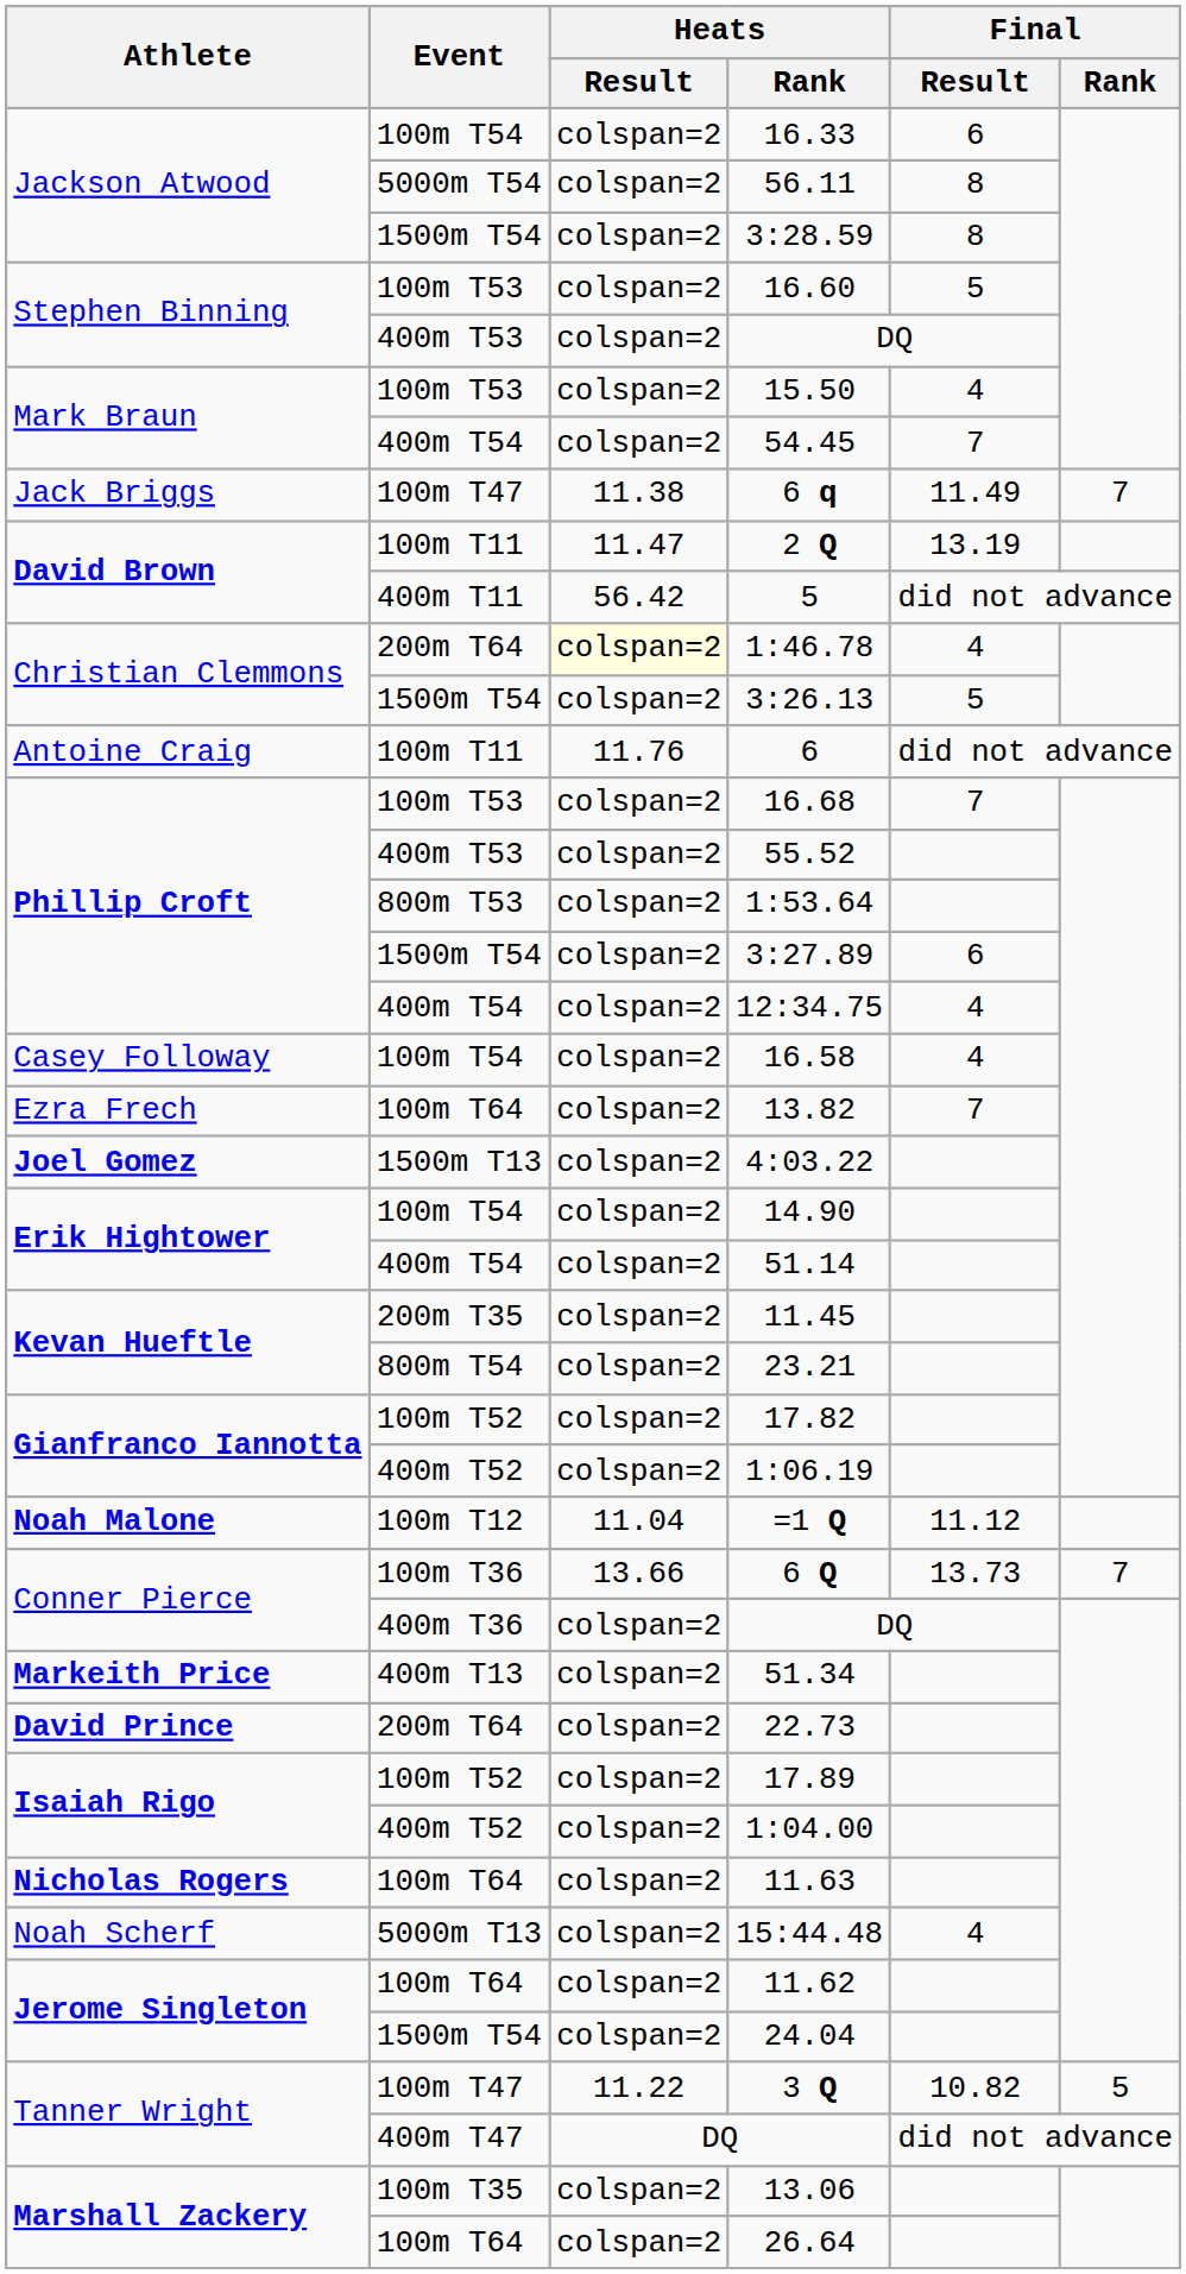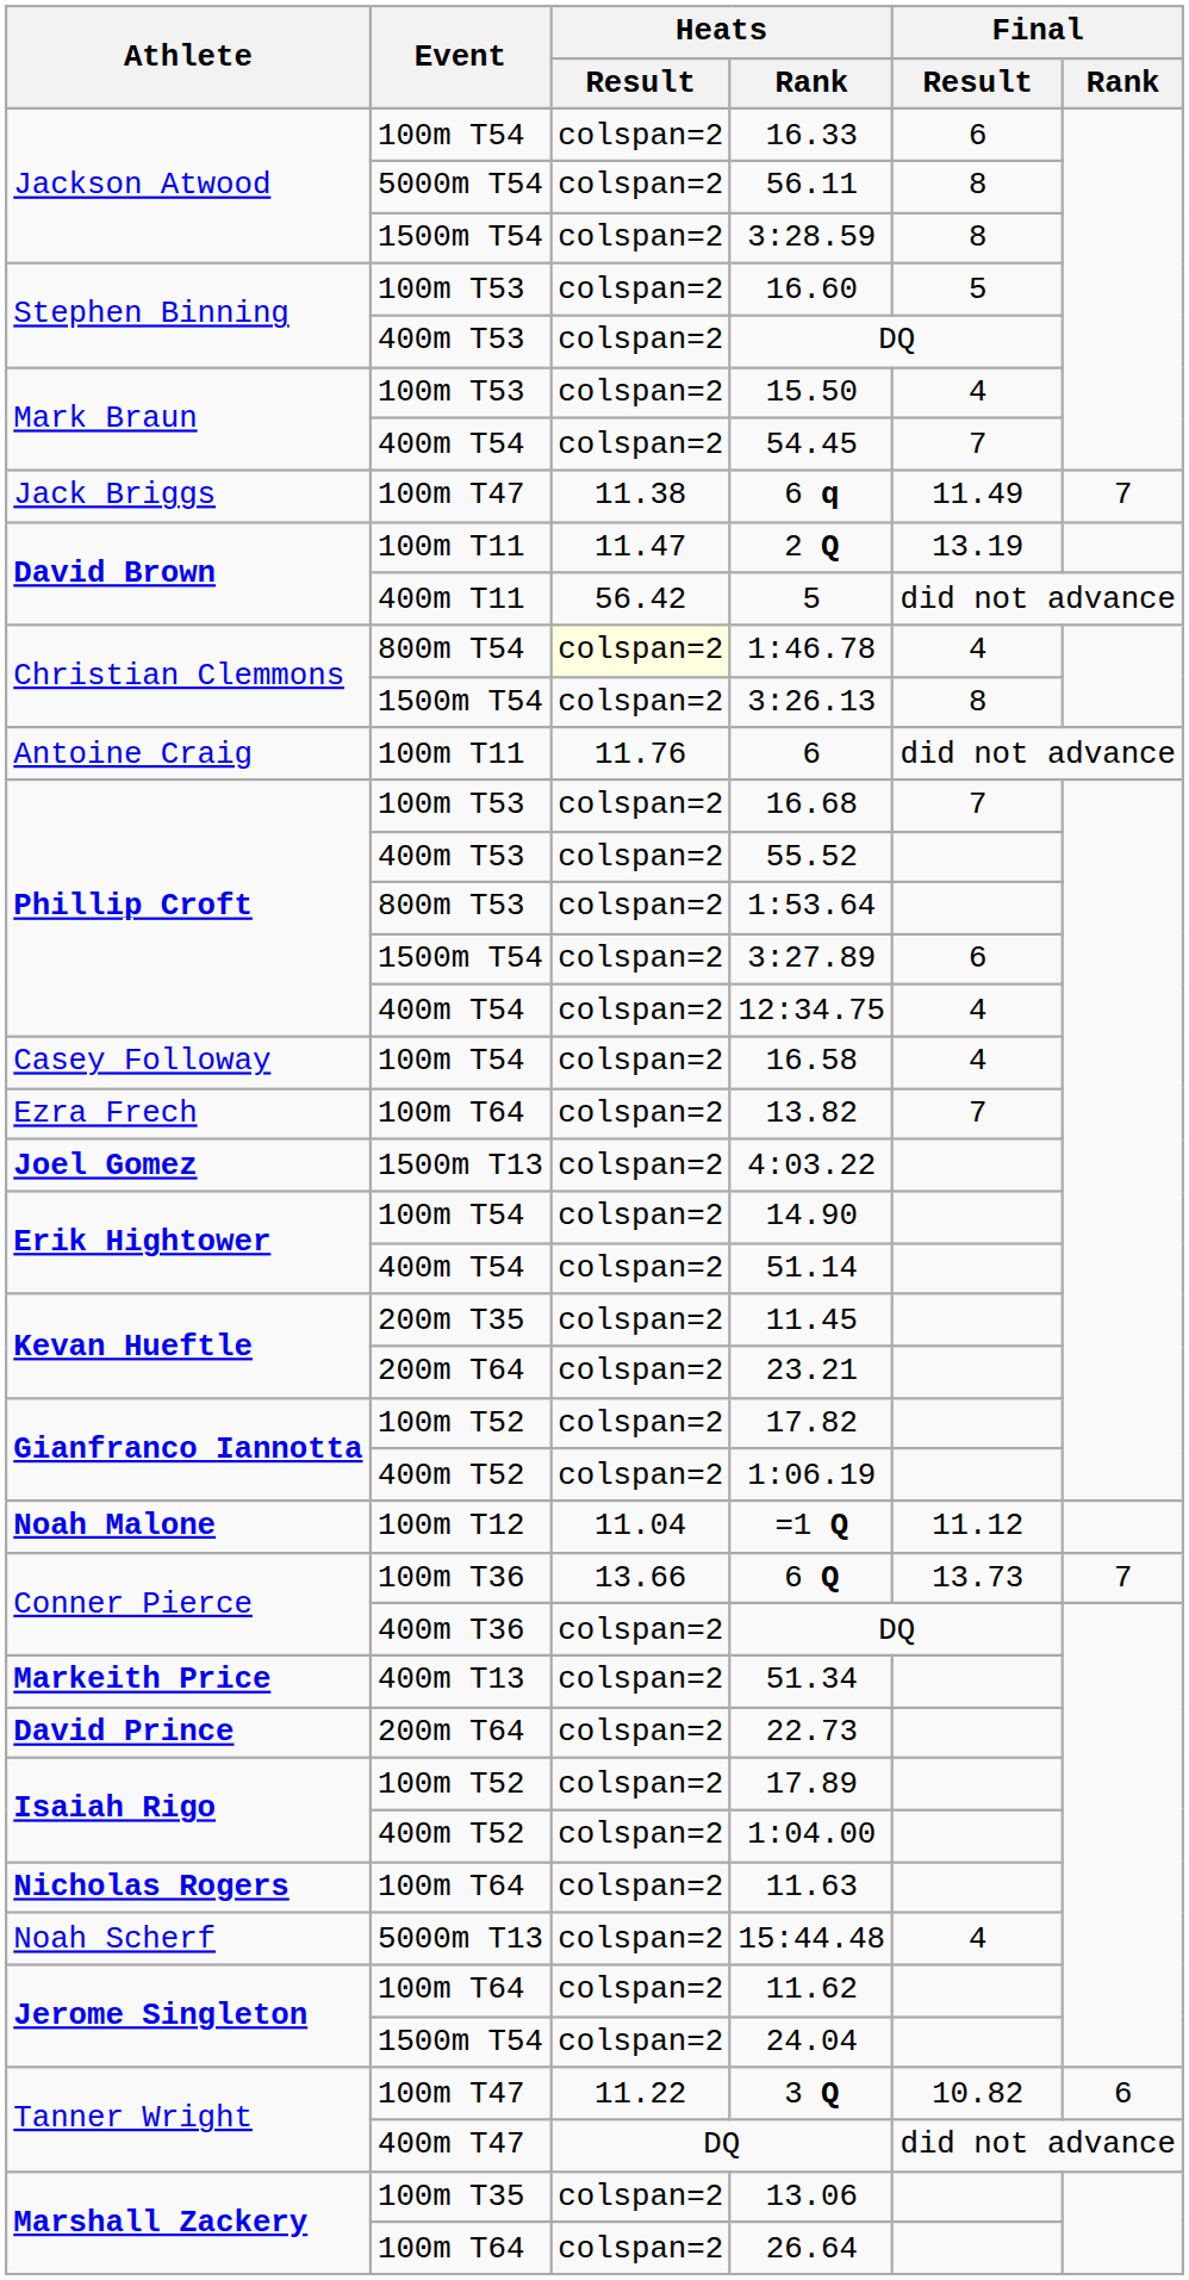 <table class=wikitable style="font-size:90%">
 <tr>
 <th rowspan="2">Athlete</th>
 <th rowspan="2">Event</th>
 <th colspan="2">Heats</th>
 <th colspan="3">Final</th>
 </tr>
 <tr>
 <th>Result</th>
 <th>Rank</th>
 <th>Result</th>
 <th>Rank</th>
 </tr>
 <tr align=center>
 <td align=left rowspan=3><a href='#'>Jackson Atwood</a></td>
 <td align=left>100m T54</td>
 <td>colspan=2 </td>
 <td>16.33</td>
 <td>6</td>
 </tr>
 <tr align=center>
 <td align=left>5000m T54</td>
 <td>colspan=2 </td>
 <td>56.11</td>
 <td>8</td>
 </tr>
 <tr align=center>
 <td align=left>1500m T54</td>
 <td>colspan=2 </td>
 <td>3:28.59</td>
 <td>8</td>
 </tr>
 <tr align=center>
 <td align=left rowspan=2><a href='#'>Stephen Binning</a></td>
 <td align=left>100m T53</td>
 <td>colspan=2 </td>
 <td>16.60</td>
 <td>5</td>
 </tr>
 <tr align=center>
 <td align=left>400m T53</td>
 <td>colspan=2 </td>
 <td colspan=2>DQ</td>
 </tr>
 <tr align=center>
 <td align=left rowspan=2><a href='#'>Mark Braun</a></td>
 <td align=left>100m T53</td>
 <td>colspan=2 </td>
 <td>15.50</td>
 <td>4</td>
 </tr>
 <tr align=center>
 <td align=left>400m T54</td>
 <td>colspan=2 </td>
 <td>54.45</td>
 <td>7</td>
 </tr>
 <tr align=center>
 <td align=left><a href='#'>Jack Briggs</a></td>
 <td align=left>100m T47</td>
 <td>11.38</td>
 <td>6 <strong>q</strong></td>
 <td>11.49</td>
 <td>7</td>
 </tr>
 <tr align=center>
 <td align=left rowspan=2><strong><a href='#'>David Brown</a></strong></td>
 <td align=left>100m T11</td>
 <td>11.47</td>
 <td>2 <strong>Q</strong></td>
 <td>13.19</td>
 <td></td>
 </tr>
 <tr align=center>
 <td align=left>400m T11</td>
 <td>56.42</td>
 <td>5</td>
 <td colspan=2>did not advance</td>
 </tr>
 <tr align=center>
 <td align=left rowspan=2><a href='#'>Christian Clemmons</a></td>
-<td align=left>200m T64</td>
+<td align=left>800m T54</td>
 <td style="background: lightyellow;">colspan=2 </td>
 <td>1:46.78</td>
 <td>4</td>
 </tr>
 <tr align=center>
 <td align=left>1500m T54</td>
 <td>colspan=2 </td>
 <td>3:26.13</td>
-<td>5</td>
+<td>8</td>
 </tr>
 <tr align=center>
 <td align=left><a href='#'>Antoine Craig</a></td>
 <td align=left>100m T11</td>
 <td>11.76</td>
 <td>6</td>
 <td colspan=2>did not advance</td>
 </tr>
 <tr align=center>
 <td align=left rowspan=5><strong><a href='#'>Phillip Croft</a></strong></td>
 <td align=left>100m T53</td>
 <td>colspan=2 </td>
 <td>16.68</td>
 <td>7</td>
 </tr>
 <tr align=center>
 <td align=left>400m T53</td>
 <td>colspan=2 </td>
 <td>55.52</td>
 <td></td>
 </tr>
 <tr align=center>
 <td align=left>800m T53</td>
 <td>colspan=2 </td>
 <td>1:53.64</td>
 <td></td>
 </tr>
 <tr align=center>
 <td align=left>1500m T54</td>
 <td>colspan=2 </td>
 <td>3:27.89</td>
 <td>6</td>
 </tr>
 <tr align=center>
 <td align=left>400m T54</td>
 <td>colspan=2 </td>
 <td>12:34.75</td>
 <td>4</td>
 </tr>
 <tr align=center>
 <td align=left><a href='#'>Casey Followay</a></td>
 <td align=left>100m T54</td>
 <td>colspan=2 </td>
 <td>16.58</td>
 <td>4</td>
 </tr>
 <tr align=center>
 <td align=left><a href='#'>Ezra Frech</a></td>
 <td align=left>100m T64</td>
 <td>colspan=2 </td>
 <td>13.82</td>
 <td>7</td>
 </tr>
 <tr align=center>
 <td align=left><strong><a href='#'>Joel Gomez</a></strong></td>
 <td align=left>1500m T13</td>
 <td>colspan=2 </td>
 <td>4:03.22</td>
 <td></td>
 </tr>
 <tr align=center>
 <td align=left rowspan=2><strong><a href='#'>Erik Hightower</a></strong></td>
 <td align=left>100m T54</td>
 <td>colspan=2 </td>
 <td>14.90</td>
 <td></td>
 </tr>
 <tr align=center>
 <td align=left>400m T54</td>
 <td>colspan=2 </td>
 <td>51.14</td>
 <td></td>
 </tr>
 <tr align=center>
 <td align=left rowspan=2><strong><a href='#'>Kevan Hueftle</a></strong></td>
 <td align=left>200m T35</td>
 <td>colspan=2 </td>
 <td>11.45</td>
 <td></td>
 </tr>
 <tr align=center>
-<td align=left>800m T54</td>
+<td align=left>200m T64</td>
 <td>colspan=2 </td>
 <td>23.21</td>
 <td></td>
 </tr>
 <tr align=center>
 <td align=left rowspan=2><strong><a href='#'>Gianfranco Iannotta</a></strong></td>
 <td align=left>100m T52</td>
 <td>colspan=2 </td>
 <td>17.82</td>
 <td></td>
 </tr>
 <tr align=center>
 <td align=left>400m T52</td>
 <td>colspan=2 </td>
 <td>1:06.19</td>
 <td></td>
 </tr>
 <tr align=center>
 <td align=left><strong><a href='#'>Noah Malone</a></strong></td>
 <td align=left>100m T12</td>
 <td>11.04</td>
 <td>=1 <strong>Q</strong></td>
 <td>11.12</td>
 <td></td>
 </tr>
 <tr align=center>
 <td align=left rowspan=2><a href='#'>Conner Pierce</a></td>
 <td align=left>100m T36</td>
 <td>13.66</td>
 <td>6 <strong>Q</strong></td>
 <td>13.73</td>
 <td>7</td>
 </tr>
 <tr align=center>
 <td align=left>400m T36</td>
 <td>colspan=2 </td>
 <td colspan=2>DQ</td>
 </tr>
 <tr align=center>
 <td align=left><strong><a href='#'>Markeith Price</a></strong></td>
 <td align=left>400m T13</td>
 <td>colspan=2 </td>
 <td>51.34</td>
 <td></td>
 </tr>
 <tr align=center>
 <td align=left><strong><a href='#'>David Prince</a></strong></td>
 <td align=left>200m T64</td>
 <td>colspan=2 </td>
 <td>22.73</td>
 <td></td>
 </tr>
 <tr align=center>
 <td align=left rowspan=2><strong><a href='#'>Isaiah Rigo</a></strong></td>
 <td align=left>100m T52</td>
 <td>colspan=2 </td>
 <td>17.89</td>
 <td></td>
 </tr>
 <tr align=center>
 <td align=left>400m T52</td>
 <td>colspan=2 </td>
 <td>1:04.00</td>
 <td></td>
 </tr>
 <tr align=center>
 <td align=left><strong><a href='#'>Nicholas Rogers</a></strong></td>
 <td align=left>100m T64</td>
 <td>colspan=2 </td>
 <td>11.63</td>
 <td></td>
 </tr>
 <tr align=center>
 <td align=left><a href='#'>Noah Scherf</a></td>
 <td align=left>5000m T13</td>
 <td>colspan=2 </td>
 <td>15:44.48</td>
 <td>4</td>
 </tr>
 <tr align=center>
 <td align=left rowspan=2><strong><a href='#'>Jerome Singleton</a></strong></td>
 <td align=left>100m T64</td>
 <td>colspan=2 </td>
 <td>11.62</td>
 <td></td>
 </tr>
 <tr align=center>
 <td align=left>1500m T54</td>
 <td>colspan=2 </td>
 <td>24.04</td>
 <td></td>
 </tr>
 <tr align=center>
 <td align=left rowspan=2><a href='#'>Tanner Wright</a></td>
 <td align=left>100m T47</td>
 <td>11.22</td>
 <td>3 <strong>Q</strong></td>
 <td>10.82</td>
-<td>5</td>
+<td>6</td>
 </tr>
 <tr align=center>
 <td align=left>400m T47</td>
 <td colspan=2>DQ</td>
 <td colspan=2>did not advance</td>
 </tr>
 <tr align=center>
 <td align=left rowspan=2><strong><a href='#'>Marshall Zackery</a></strong></td>
 <td align=left>100m T35</td>
 <td>colspan=2 </td>
 <td>13.06</td>
 <td></td>
 </tr>
 <tr align=center>
 <td align=left>100m T64</td>
 <td>colspan=2 </td>
 <td>26.64</td>
 <td></td>
 </tr>
 </table>
